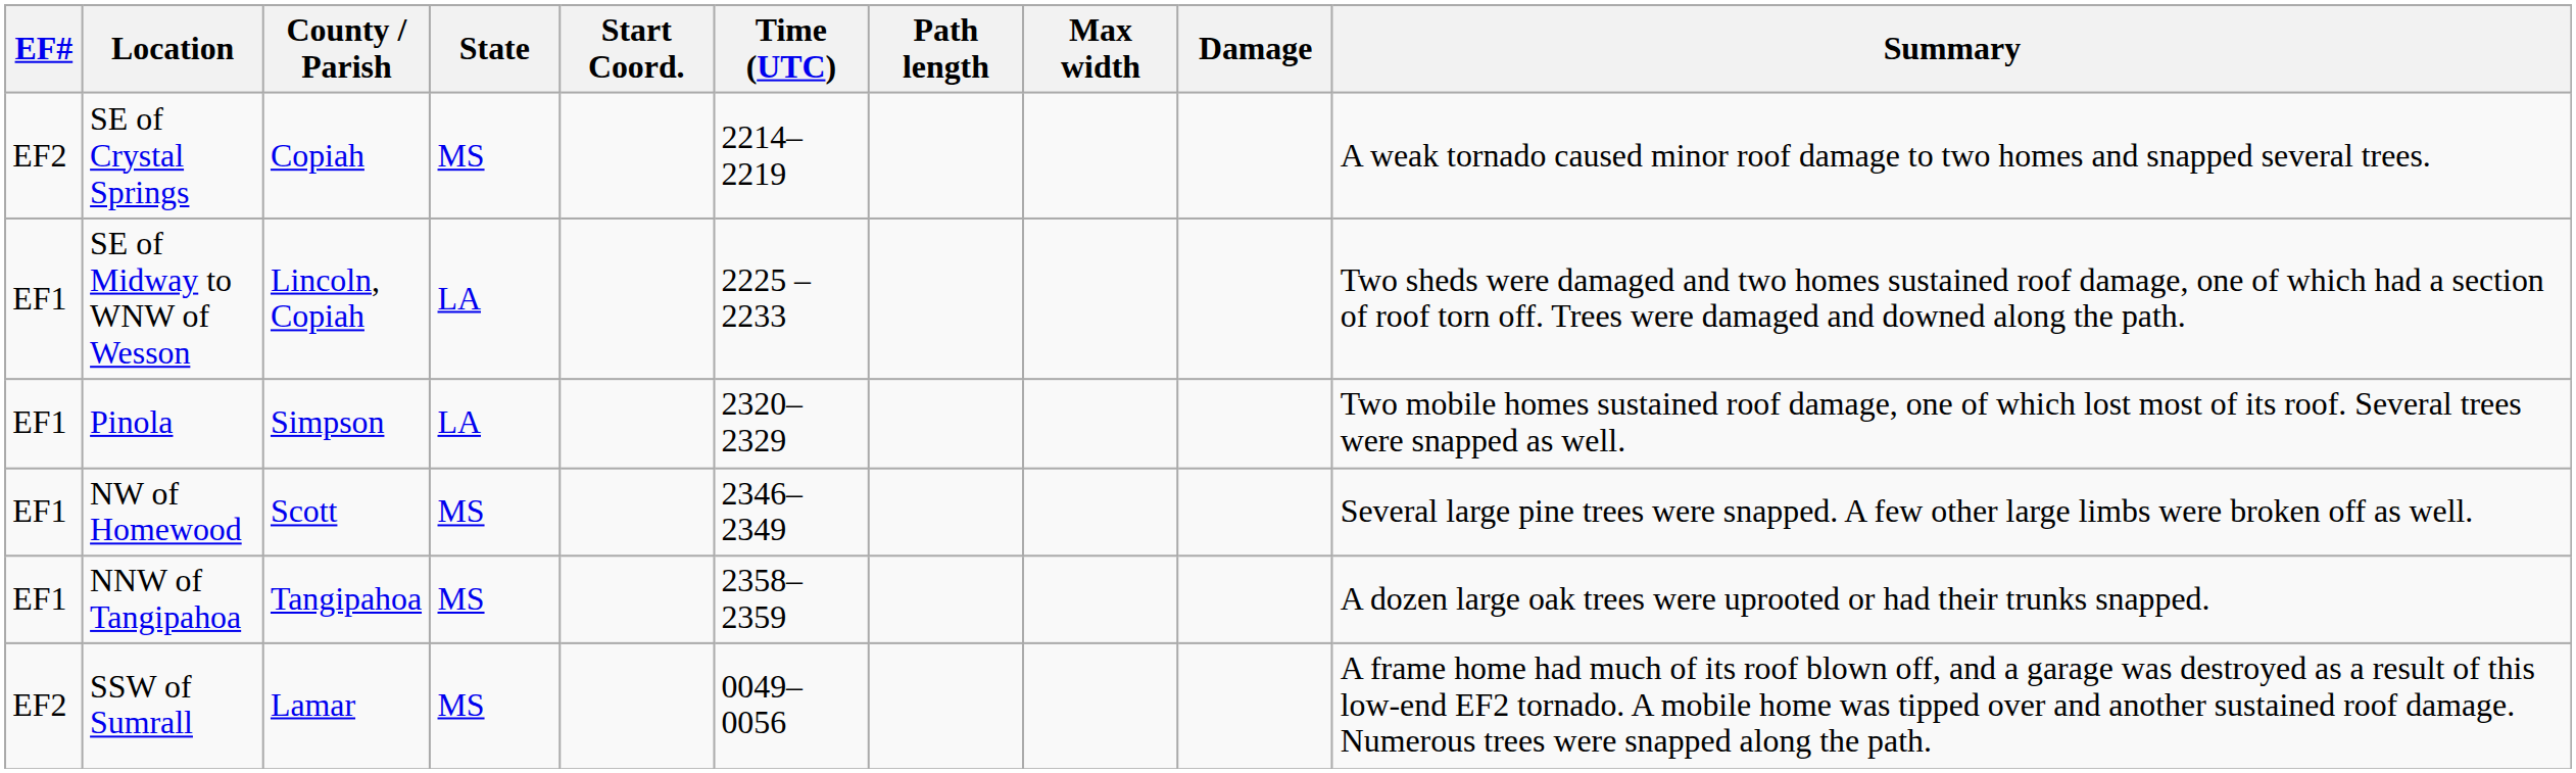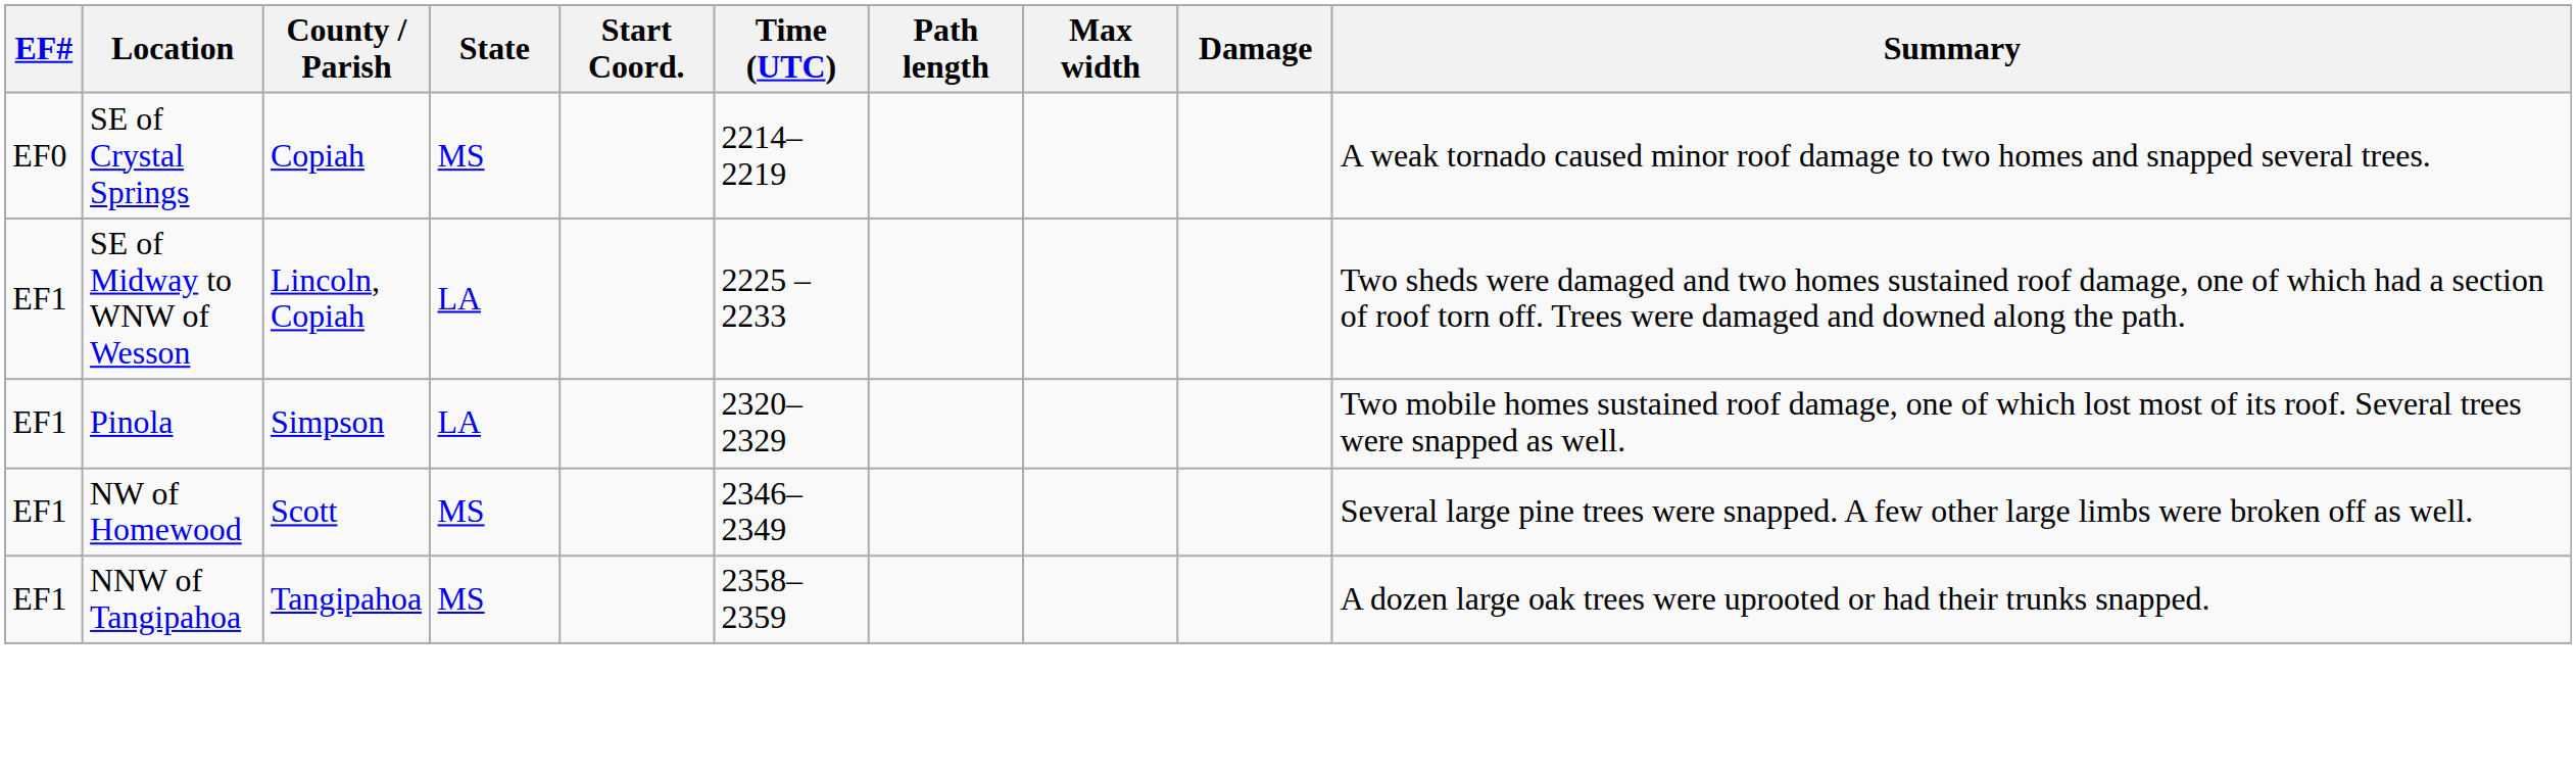 <table class="wikitable sortable" style="width:100%;">
 <tr>
 <th scope="col"  style="width:3%; text-align:center;"><a href='#'>EF#</a></th>
 <th scope="col"  style="width:7%; text-align:center;" class="unsortable">Location</th>
 <th scope="col"  style="width:6%; text-align:center;" class="unsortable">County / Parish</th>
 <th scope="col"  style="width:5%; text-align:center;">State</th>
 <th scope="col"  style="width:6%; text-align:center;">Start Coord.</th>
 <th scope="col"  style="width:6%; text-align:center;">Time (<a href='#'>UTC</a>)</th>
 <th scope="col"  style="width:6%; text-align:center;">Path length</th>
 <th scope="col"  style="width:6%; text-align:center;">Max width</th>
 <th scope="col"  style="width:6%; text-align:center;">Damage</th>
 <th scope="col" class="unsortable" style="width:48%; text-align:center;">Summary</th>
 </tr>
 <tr>
-<td>EF2</td>
+<td>EF0</td>
 <td>SE of <a href='#'>Crystal Springs</a></td>
 <td><a href='#'>Copiah</a></td>
 <td><a href='#'>MS</a></td>
 <td></td>
 <td>2214–2219</td>
 <td></td>
 <td></td>
 <td></td>
 <td>A weak tornado caused minor roof damage to two homes and snapped several trees.</td>
 </tr>
 <tr>
 <td>EF1</td>
 <td>SE of <a href='#'>Midway</a> to WNW of <a href='#'>Wesson</a></td>
 <td><a href='#'>Lincoln</a>, <a href='#'>Copiah</a></td>
 <td><a href='#'>LA</a></td>
 <td></td>
 <td>2225 – 2233</td>
 <td></td>
 <td></td>
 <td></td>
 <td>Two sheds were damaged and two homes sustained roof damage, one of which had a section of roof torn off. Trees were damaged and downed along the path.</td>
 </tr>
 <tr>
 <td>EF1</td>
 <td><a href='#'>Pinola</a></td>
 <td><a href='#'>Simpson</a></td>
 <td><a href='#'>LA</a></td>
 <td></td>
 <td>2320–2329</td>
 <td></td>
 <td></td>
 <td></td>
 <td>Two mobile homes sustained roof damage, one of which lost most of its roof. Several trees were snapped as well.</td>
 </tr>
 <tr>
 <td>EF1</td>
 <td>NW of <a href='#'>Homewood</a></td>
 <td><a href='#'>Scott</a></td>
 <td><a href='#'>MS</a></td>
 <td></td>
 <td>2346–2349</td>
 <td></td>
 <td></td>
 <td></td>
 <td>Several large pine trees were snapped. A few other large limbs were broken off as well.</td>
 </tr>
 <tr>
 <td>EF1</td>
 <td>NNW of <a href='#'>Tangipahoa</a></td>
 <td><a href='#'>Tangipahoa</a></td>
 <td><a href='#'>MS</a></td>
 <td></td>
 <td>2358–2359</td>
 <td></td>
 <td></td>
 <td></td>
 <td>A dozen large oak trees were uprooted or had their trunks snapped.</td>
 </tr>
-<tr>
-<td>EF2</td>
-<td>SSW of <a href='#'>Sumrall</a></td>
-<td><a href='#'>Lamar</a></td>
-<td><a href='#'>MS</a></td>
-<td></td>
-<td>0049–0056</td>
-<td></td>
-<td></td>
-<td></td>
-<td>A frame home had much of its roof blown off, and a garage was destroyed as a result of this low-end EF2 tornado. A mobile home was tipped over and another sustained roof damage. Numerous trees were snapped along the path.</td>
-</tr>
 </table>
